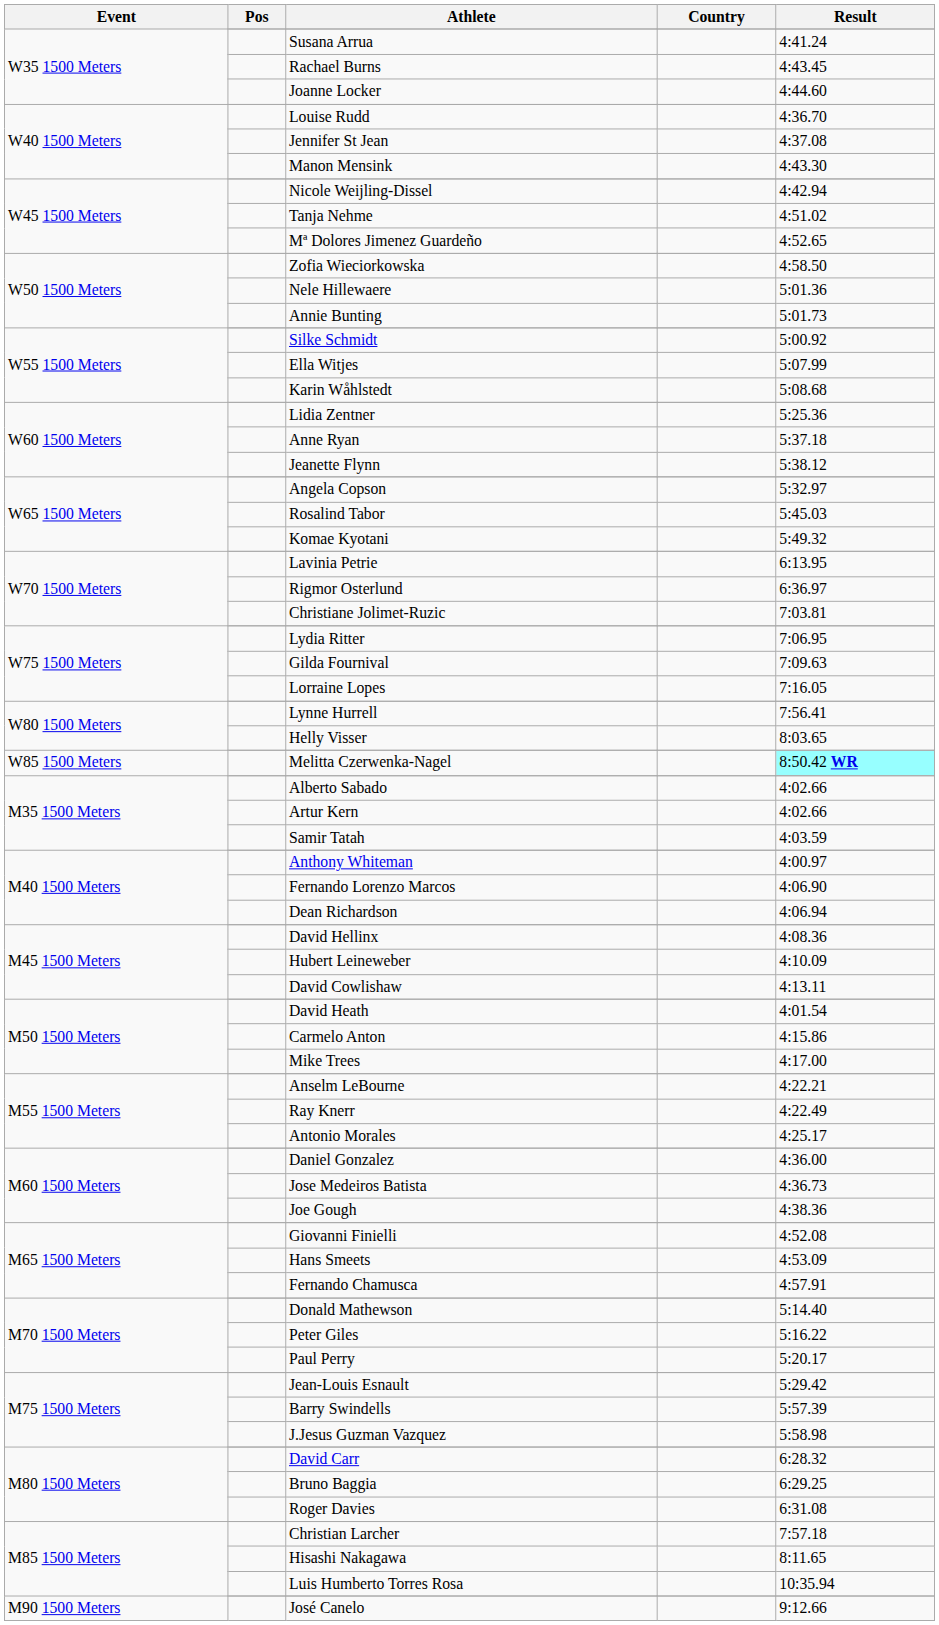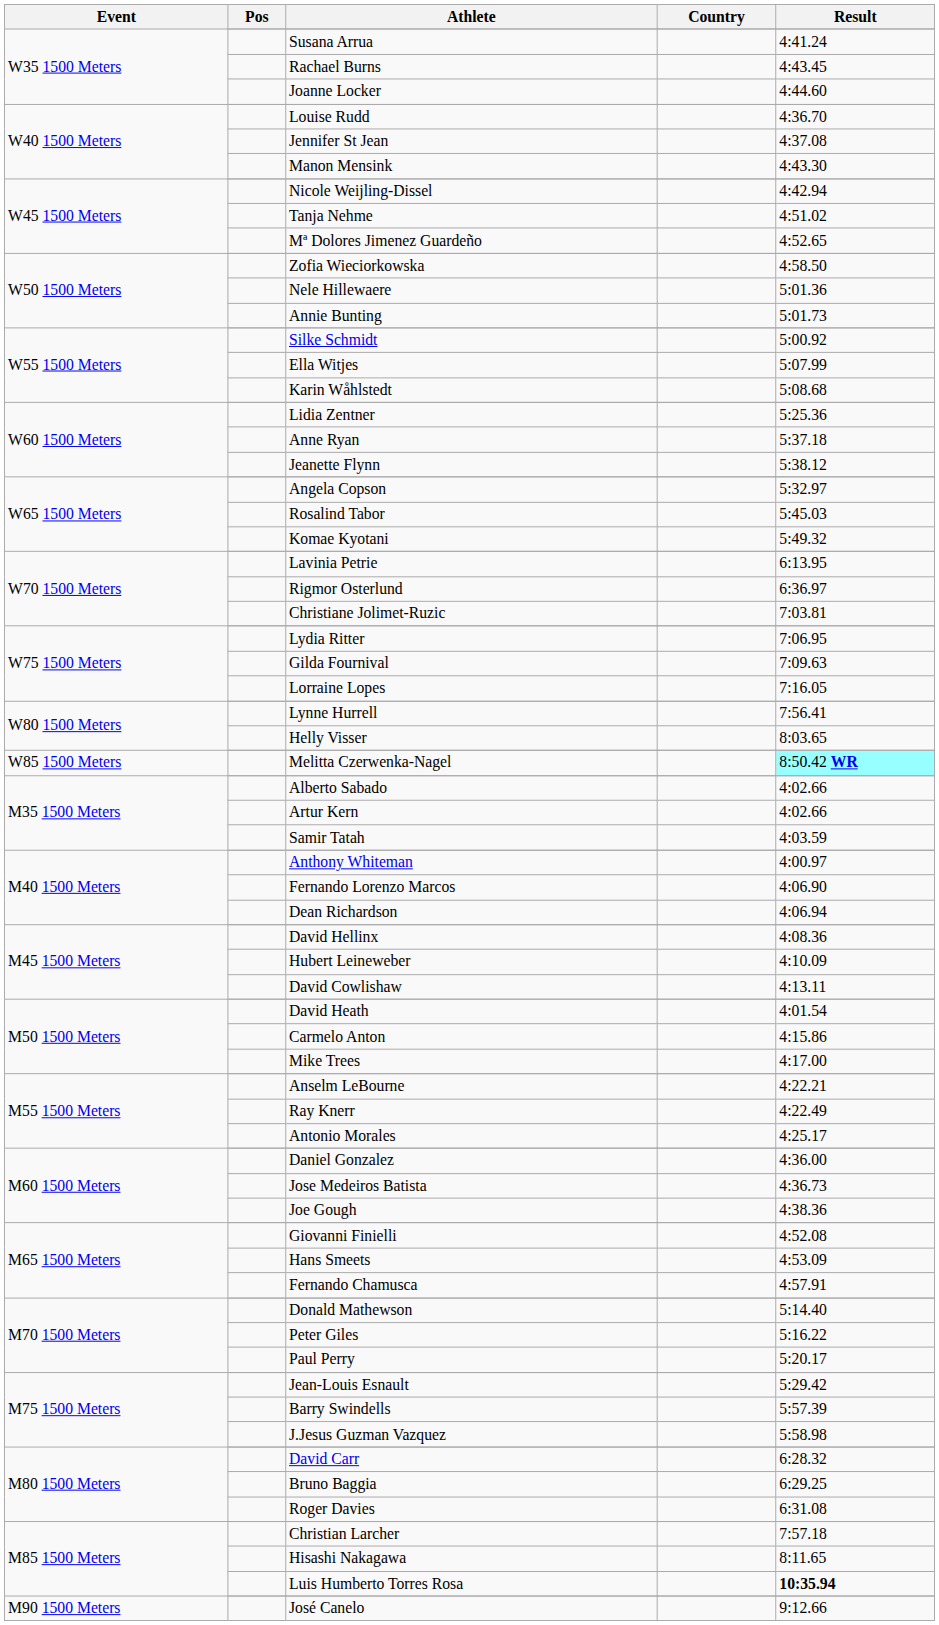 <table class="wikitable" style="width:60%;">
 <tr>
 <th>Event</th>
 <th>Pos</th>
 <th>Athlete</th>
 <th>Country</th>
 <th>Result</th>
 </tr>
 <tr>
 <td rowspan='4'>W35 <a href='#'>1500 Meters</a><br></td>
 </tr>
 <tr>
 <td align=center></td>
 <td align=left>Susana Arrua</td>
 <td align=left></td>
 <td>4:41.24</td>
 </tr>
 <tr>
 <td align=center></td>
 <td align=left>Rachael Burns</td>
 <td align=left></td>
 <td>4:43.45</td>
 </tr>
 <tr>
 <td align=center></td>
 <td align=left>Joanne Locker</td>
 <td align=left></td>
 <td>4:44.60</td>
 </tr>
 <tr>
 <td rowspan='4'>W40 <a href='#'>1500 Meters</a><br></td>
 </tr>
 <tr>
 <td align=center></td>
 <td align=left>Louise Rudd</td>
 <td align=left></td>
 <td>4:36.70</td>
 </tr>
 <tr>
 <td align=center></td>
 <td align=left>Jennifer St Jean</td>
 <td align=left></td>
 <td>4:37.08</td>
 </tr>
 <tr>
 <td align=center></td>
 <td align=left>Manon Mensink</td>
 <td align=left></td>
 <td>4:43.30</td>
 </tr>
 <tr>
 <td rowspan='4'>W45 <a href='#'>1500 Meters</a></td>
 </tr>
 <tr>
 <td align=center></td>
 <td align=left>Nicole Weijling-Dissel</td>
 <td align=left></td>
 <td>4:42.94</td>
 </tr>
 <tr>
 <td align=center></td>
 <td align=left>Tanja Nehme</td>
 <td align=left></td>
 <td>4:51.02</td>
 </tr>
 <tr>
 <td align=center></td>
 <td align=left>Mª Dolores Jimenez Guardeño</td>
 <td align=left></td>
 <td>4:52.65</td>
 </tr>
 <tr>
 <td rowspan='4'>W50 <a href='#'>1500 Meters</a><br></td>
 </tr>
 <tr>
 <td align=center></td>
 <td align=left>Zofia Wieciorkowska</td>
 <td align=left></td>
 <td>4:58.50</td>
 </tr>
 <tr>
 <td align=center></td>
 <td align=left>Nele Hillewaere</td>
 <td align=left></td>
 <td>5:01.36</td>
 </tr>
 <tr>
 <td align=center></td>
 <td align=left>Annie Bunting</td>
 <td align=left></td>
 <td>5:01.73</td>
 </tr>
 <tr>
 <td rowspan='4'>W55 <a href='#'>1500 Meters</a><br></td>
 </tr>
 <tr>
 <td align=center></td>
 <td align=left><a href='#'>Silke Schmidt</a></td>
 <td align=left></td>
 <td>5:00.92</td>
 </tr>
 <tr>
 <td align=center></td>
 <td align=left>Ella Witjes</td>
 <td align=left></td>
 <td>5:07.99</td>
 </tr>
 <tr>
 <td align=center></td>
 <td align=left>Karin Wåhlstedt</td>
 <td align=left></td>
 <td>5:08.68</td>
 </tr>
 <tr>
 <td rowspan='4'>W60 <a href='#'>1500 Meters</a><br></td>
 </tr>
 <tr>
 <td align=center></td>
 <td align=left>Lidia Zentner</td>
 <td align=left></td>
 <td>5:25.36</td>
 </tr>
 <tr>
 <td align=center></td>
 <td align=left>Anne Ryan</td>
 <td align=left></td>
 <td>5:37.18</td>
 </tr>
 <tr>
 <td align=center></td>
 <td align=left>Jeanette Flynn</td>
 <td align=left></td>
 <td>5:38.12</td>
 </tr>
 <tr>
 <td rowspan='4'>W65 <a href='#'>1500 Meters</a><br></td>
 </tr>
 <tr>
 <td align=center></td>
 <td align=left>Angela Copson</td>
 <td align=left></td>
 <td>5:32.97</td>
 </tr>
 <tr>
 <td align=center></td>
 <td align=left>Rosalind Tabor</td>
 <td align=left></td>
 <td>5:45.03</td>
 </tr>
 <tr>
 <td align=center></td>
 <td align=left>Komae Kyotani</td>
 <td align=left></td>
 <td>5:49.32</td>
 </tr>
 <tr>
 <td rowspan='4'>W70 <a href='#'>1500 Meters</a><br></td>
 </tr>
 <tr>
 <td align=center></td>
 <td align=left>Lavinia Petrie</td>
 <td align=left></td>
 <td>6:13.95</td>
 </tr>
 <tr>
 <td align=center></td>
 <td align=left>Rigmor Osterlund</td>
 <td align=left></td>
 <td>6:36.97</td>
 </tr>
 <tr>
 <td align=center></td>
 <td align=left>Christiane Jolimet-Ruzic</td>
 <td align=left></td>
 <td>7:03.81</td>
 </tr>
 <tr>
 <td rowspan='4'>W75 <a href='#'>1500 Meters</a><br></td>
 </tr>
 <tr>
 <td align=center></td>
 <td align=left>Lydia Ritter</td>
 <td align=left></td>
 <td>7:06.95</td>
 </tr>
 <tr>
 <td align=center></td>
 <td align=left>Gilda Fournival</td>
 <td align=left></td>
 <td>7:09.63</td>
 </tr>
 <tr>
 <td align=center></td>
 <td align=left>Lorraine Lopes</td>
 <td align=left></td>
 <td>7:16.05</td>
 </tr>
 <tr>
 <td rowspan='3'>W80 <a href='#'>1500 Meters</a><br></td>
 </tr>
 <tr>
 <td align=center></td>
 <td align=left>Lynne Hurrell</td>
 <td align=left></td>
 <td>7:56.41</td>
 </tr>
 <tr>
 <td align=center></td>
 <td align=left>Helly Visser</td>
 <td align=left></td>
 <td>8:03.65</td>
 </tr>
 <tr>
 <td rowspan='2'>W85 <a href='#'>1500 Meters</a><br></td>
 </tr>
 <tr>
 <td align=center></td>
 <td align=left>Melitta Czerwenka-Nagel</td>
 <td align=left></td>
 <td bgcolor=#97ffff>8:50.42 <strong><a href='#'>WR</a></strong></td>
 </tr>
 <tr>
 <td rowspan='4'>M35 <a href='#'>1500 Meters</a></td>
 </tr>
 <tr>
 <td align=center></td>
 <td align=left>Alberto Sabado</td>
 <td align=left></td>
 <td>4:02.66</td>
 </tr>
 <tr>
 <td align=center></td>
 <td align=left>Artur Kern</td>
 <td align=left></td>
 <td>4:02.66</td>
 </tr>
 <tr>
 <td align=center></td>
 <td align=left>Samir Tatah</td>
 <td align=left></td>
 <td>4:03.59</td>
 </tr>
 <tr>
 <td rowspan='4'>M40 <a href='#'>1500 Meters</a><br></td>
 </tr>
 <tr>
 <td align=center></td>
 <td align=left><a href='#'>Anthony Whiteman</a></td>
 <td align=left></td>
 <td>4:00.97</td>
 </tr>
 <tr>
 <td align=center></td>
 <td align=left>Fernando Lorenzo Marcos</td>
 <td align=left></td>
 <td>4:06.90</td>
 </tr>
 <tr>
 <td align=center></td>
 <td align=left>Dean Richardson</td>
 <td align=left></td>
 <td>4:06.94</td>
 </tr>
 <tr>
 <td rowspan='4'>M45 <a href='#'>1500 Meters</a><br></td>
 </tr>
 <tr>
 <td align=center></td>
 <td align=left>David Hellinx</td>
 <td align=left></td>
 <td>4:08.36</td>
 </tr>
 <tr>
 <td align=center></td>
 <td align=left>Hubert Leineweber</td>
 <td align=left></td>
 <td>4:10.09</td>
 </tr>
 <tr>
 <td align=center></td>
 <td align=left>David Cowlishaw</td>
 <td align=left></td>
 <td>4:13.11</td>
 </tr>
 <tr>
 <td rowspan='4'>M50 <a href='#'>1500 Meters</a><br></td>
 </tr>
 <tr>
 <td align=center></td>
 <td align=left>David Heath</td>
 <td align=left></td>
 <td>4:01.54</td>
 </tr>
 <tr>
 <td align=center></td>
 <td align=left>Carmelo Anton</td>
 <td align=left></td>
 <td>4:15.86</td>
 </tr>
 <tr>
 <td align=center></td>
 <td align=left>Mike Trees</td>
 <td align=left></td>
 <td>4:17.00</td>
 </tr>
 <tr>
 <td rowspan='4'>M55 <a href='#'>1500 Meters</a><br></td>
 </tr>
 <tr>
 <td align=center></td>
 <td align=left>Anselm LeBourne</td>
 <td align=left></td>
 <td>4:22.21</td>
 </tr>
 <tr>
 <td align=center></td>
 <td align=left>Ray Knerr</td>
 <td align=left></td>
 <td>4:22.49</td>
 </tr>
 <tr>
 <td align=center></td>
 <td align=left>Antonio Morales</td>
 <td align=left></td>
 <td>4:25.17</td>
 </tr>
 <tr>
 <td rowspan='4'>M60 <a href='#'>1500 Meters</a></td>
 </tr>
 <tr>
 <td align=center></td>
 <td align=left>Daniel Gonzalez</td>
 <td align=left></td>
 <td>4:36.00</td>
 </tr>
 <tr>
 <td align=center></td>
 <td align=left>Jose Medeiros Batista</td>
 <td align=left></td>
 <td>4:36.73</td>
 </tr>
 <tr>
 <td align=center></td>
 <td align=left>Joe Gough</td>
 <td align=left></td>
 <td>4:38.36</td>
 </tr>
 <tr>
 <td rowspan='4'>M65 <a href='#'>1500 Meters</a></td>
 </tr>
 <tr>
 <td align=center></td>
 <td align=left>Giovanni Finielli</td>
 <td align=left></td>
 <td>4:52.08</td>
 </tr>
 <tr>
 <td align=center></td>
 <td align=left>Hans Smeets</td>
 <td align=left></td>
 <td>4:53.09</td>
 </tr>
 <tr>
 <td align=center></td>
 <td align=left>Fernando Chamusca</td>
 <td align=left></td>
 <td>4:57.91</td>
 </tr>
 <tr>
 <td rowspan='4'>M70 <a href='#'>1500 Meters</a><br></td>
 </tr>
 <tr>
 <td align=center></td>
 <td align=left>Donald Mathewson</td>
 <td align=left></td>
 <td>5:14.40</td>
 </tr>
 <tr>
 <td align=center></td>
 <td align=left>Peter Giles</td>
 <td align=left></td>
 <td>5:16.22</td>
 </tr>
 <tr>
 <td align=center></td>
 <td align=left>Paul Perry</td>
 <td align=left></td>
 <td>5:20.17</td>
 </tr>
 <tr>
 <td rowspan='4'>M75 <a href='#'>1500 Meters</a><br></td>
 </tr>
 <tr>
 <td align=center></td>
 <td align=left>Jean-Louis Esnault</td>
 <td align=left></td>
 <td>5:29.42</td>
 </tr>
 <tr>
 <td align=center></td>
 <td align=left>Barry Swindells</td>
 <td align=left></td>
 <td>5:57.39</td>
 </tr>
 <tr>
 <td align=center></td>
 <td align=left>J.Jesus Guzman Vazquez</td>
 <td align=left></td>
 <td>5:58.98</td>
 </tr>
 <tr>
 <td rowspan='4'>M80 <a href='#'>1500 Meters</a><br></td>
 </tr>
 <tr>
 <td align=center></td>
 <td align=left><a href='#'>David Carr</a></td>
 <td align=left></td>
 <td>6:28.32</td>
 </tr>
 <tr>
 <td align=center></td>
 <td align=left>Bruno Baggia</td>
 <td align=left></td>
 <td>6:29.25</td>
 </tr>
 <tr>
 <td align=center></td>
 <td align=left>Roger Davies</td>
 <td align=left></td>
 <td>6:31.08</td>
 </tr>
 <tr>
 <td rowspan='4'>M85 <a href='#'>1500 Meters</a></td>
 </tr>
 <tr>
 <td align=center></td>
 <td align=left>Christian Larcher</td>
 <td align=left></td>
 <td>7:57.18</td>
 </tr>
 <tr>
 <td align=center></td>
 <td align=left>Hisashi Nakagawa</td>
 <td align=left></td>
 <td>8:11.65</td>
 </tr>
 <tr>
 <td align=center></td>
 <td align=left>Luis Humberto Torres Rosa</td>
 <td align=left></td>
-<td>10:35.94</td>
+<td><strong>10:35.94</strong></td>
 </tr>
 <tr>
 <td rowspan='2'>M90 <a href='#'>1500 Meters</a></td>
 </tr>
 <tr>
 <td align=center></td>
 <td align=left>José Canelo</td>
 <td align=left></td>
 <td>9:12.66</td>
 </tr>
 </table>
